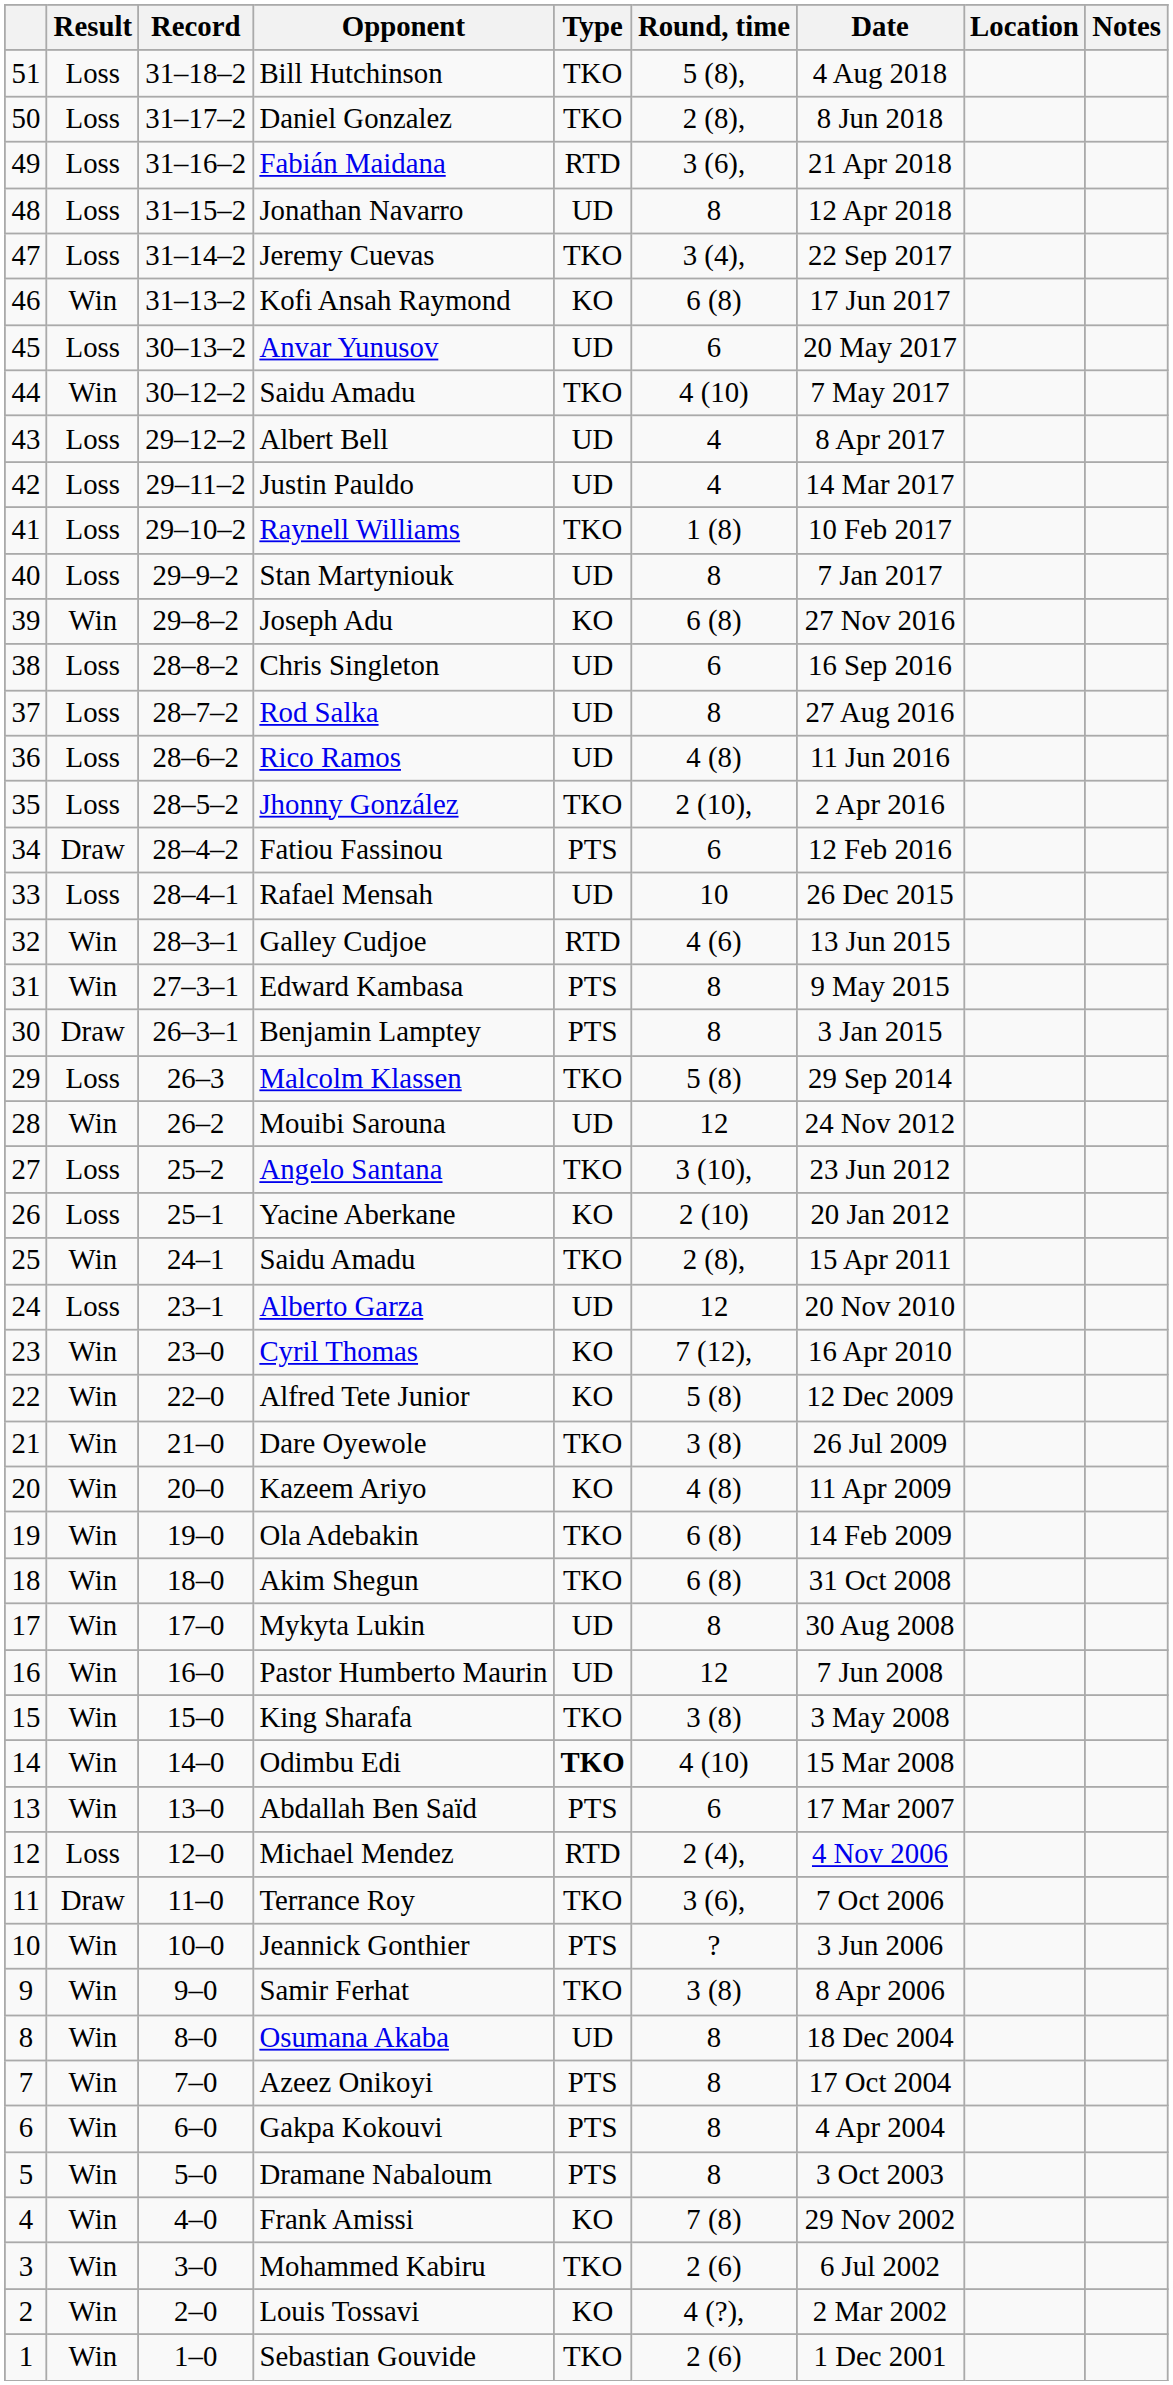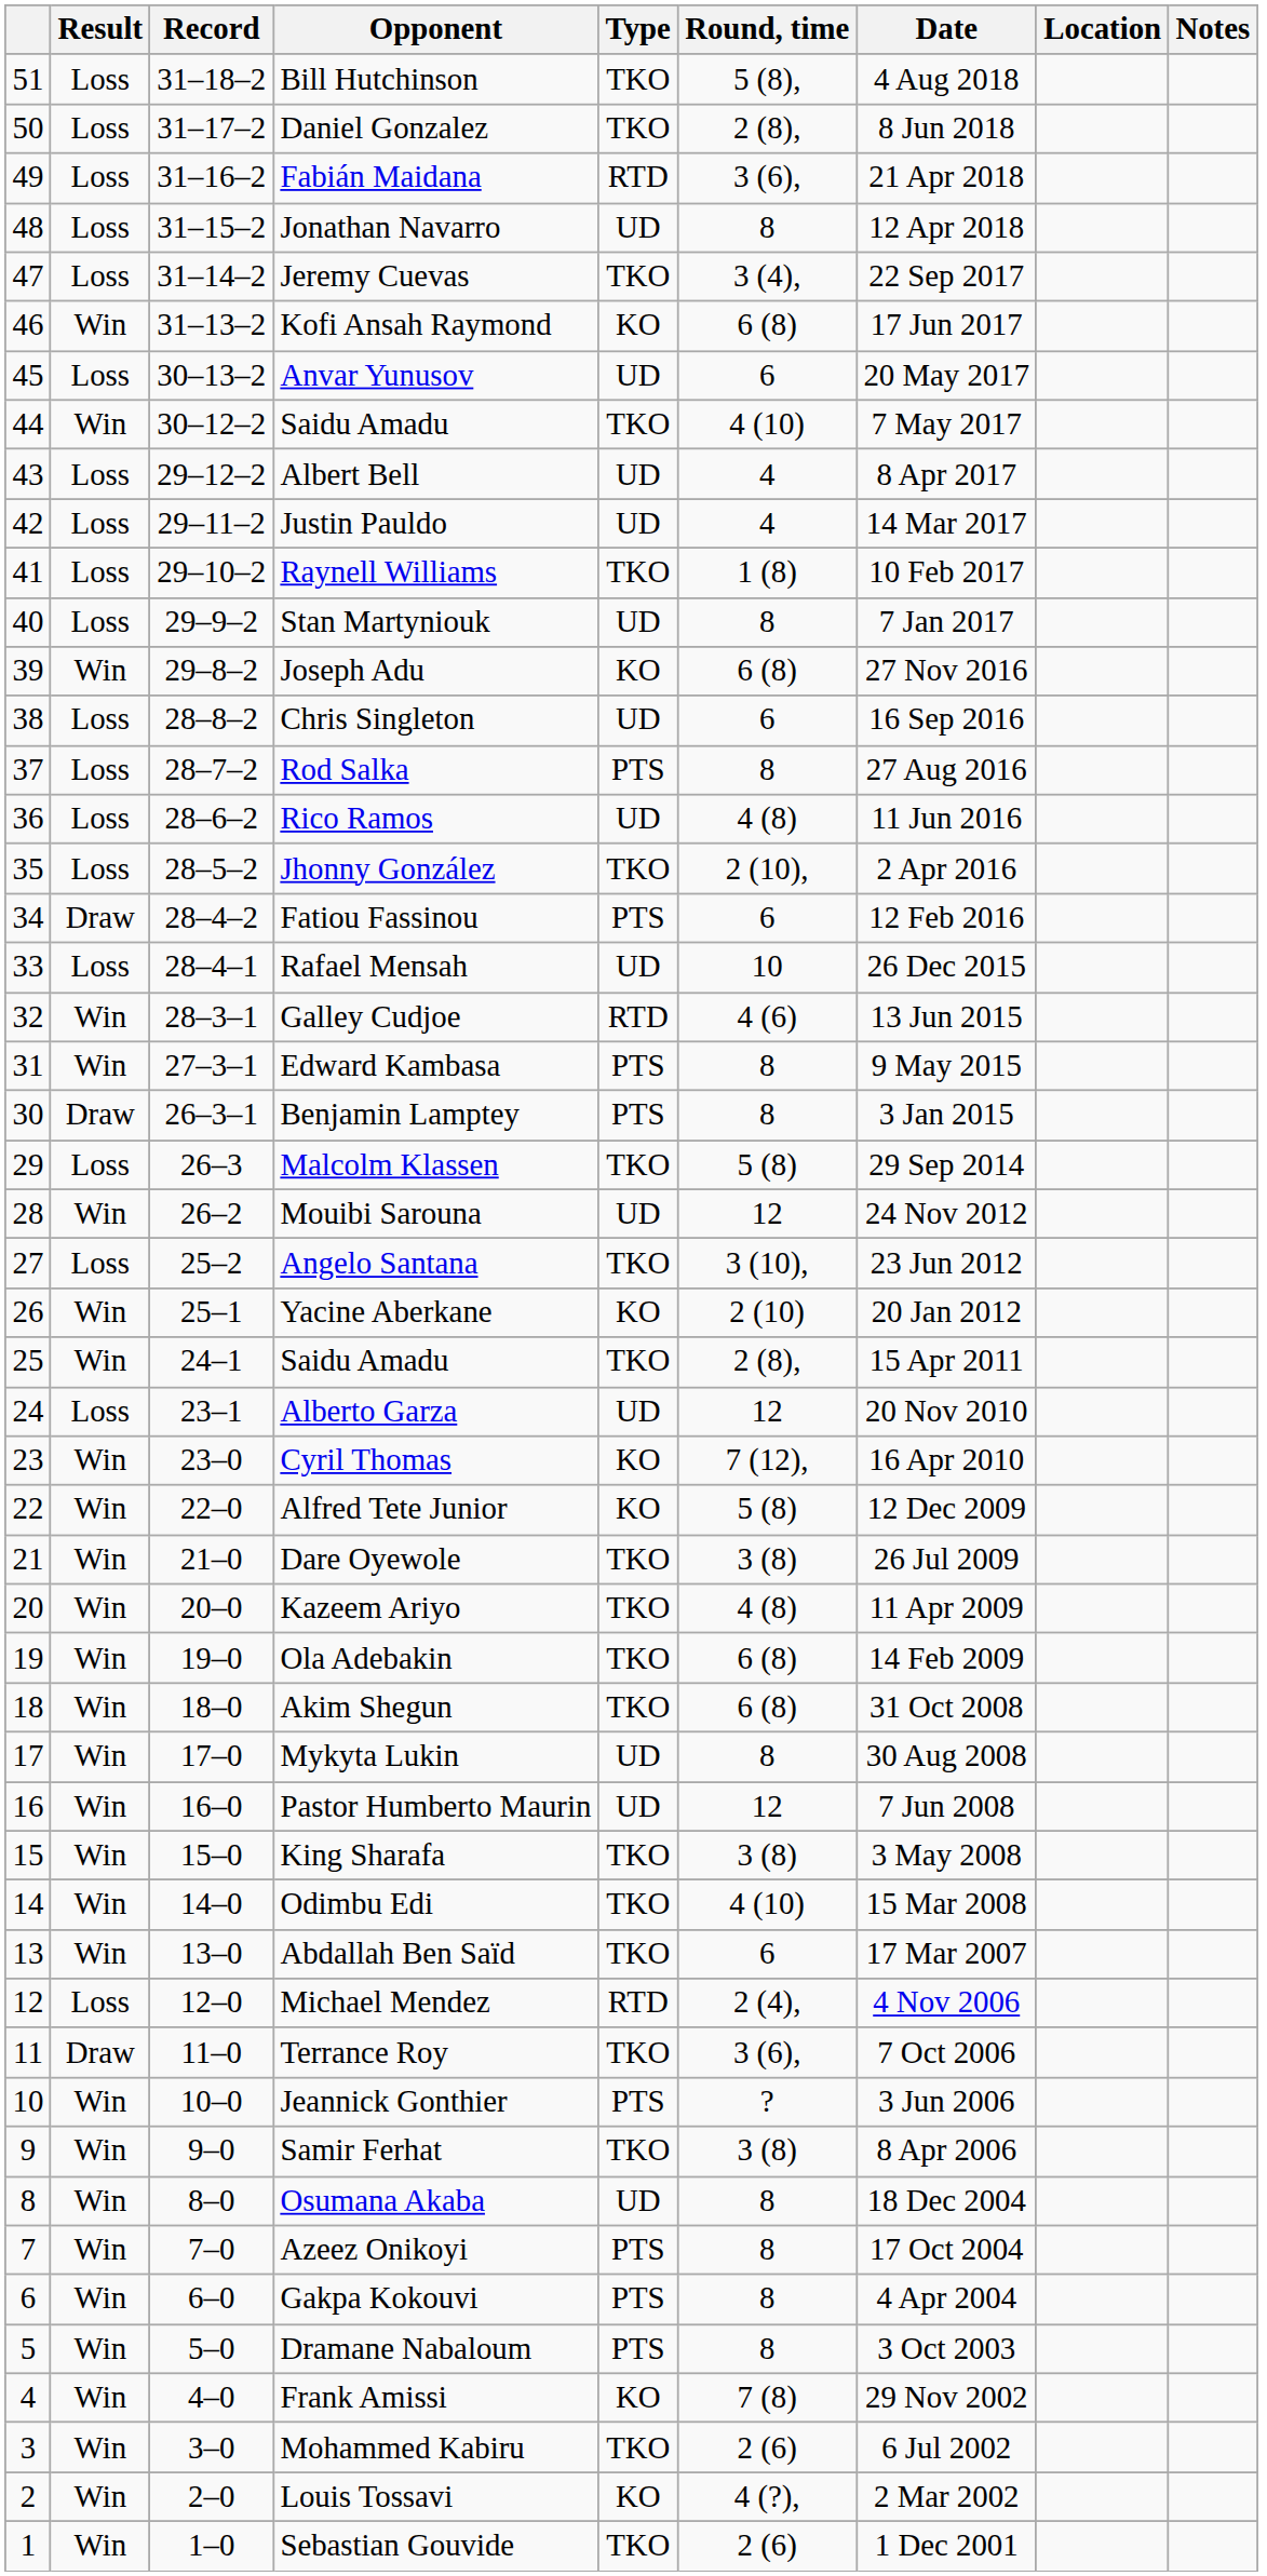 <table class="wikitable" style="text-align:center">
 <tr>
 <th></th>
 <th>Result</th>
 <th>Record</th>
 <th>Opponent</th>
 <th>Type</th>
 <th>Round, time</th>
 <th>Date</th>
 <th>Location</th>
 <th>Notes</th>
 </tr>
 <tr>
 <td>51</td>
 <td>Loss</td>
 <td>31–18–2</td>
 <td align=left> Bill Hutchinson</td>
 <td>TKO</td>
 <td>5 (8), </td>
 <td>4 Aug 2018</td>
 <td align=left></td>
 <td></td>
 </tr>
 <tr>
 <td>50</td>
 <td>Loss</td>
 <td>31–17–2</td>
 <td align=left> Daniel Gonzalez</td>
 <td>TKO</td>
 <td>2 (8), </td>
 <td>8 Jun 2018</td>
 <td align=left></td>
 <td></td>
 </tr>
 <tr>
 <td>49</td>
 <td>Loss</td>
 <td>31–16–2</td>
 <td align=left> <a href='#'>Fabián Maidana</a></td>
 <td>RTD</td>
 <td>3 (6), </td>
 <td>21 Apr 2018</td>
 <td align=left></td>
 <td></td>
 </tr>
 <tr>
 <td>48</td>
 <td>Loss</td>
 <td>31–15–2</td>
 <td align=left> Jonathan Navarro</td>
 <td>UD</td>
 <td>8</td>
 <td>12 Apr 2018</td>
 <td align=left></td>
 <td></td>
 </tr>
 <tr>
 <td>47</td>
 <td>Loss</td>
 <td>31–14–2</td>
 <td align=left> Jeremy Cuevas</td>
 <td>TKO</td>
 <td>3 (4), </td>
 <td>22 Sep 2017</td>
 <td align=left></td>
 <td></td>
 </tr>
 <tr>
 <td>46</td>
 <td>Win</td>
 <td>31–13–2</td>
 <td align=left> Kofi Ansah Raymond</td>
 <td>KO</td>
 <td>6 (8)</td>
 <td>17 Jun 2017</td>
 <td align=left></td>
 <td></td>
 </tr>
 <tr>
 <td>45</td>
 <td>Loss</td>
 <td>30–13–2</td>
 <td align=left> <a href='#'>Anvar Yunusov</a></td>
 <td>UD</td>
 <td>6</td>
 <td>20 May 2017</td>
 <td align=left></td>
 <td></td>
 </tr>
 <tr>
 <td>44</td>
 <td>Win</td>
 <td>30–12–2</td>
 <td align=left> Saidu Amadu</td>
 <td>TKO</td>
 <td>4 (10)</td>
 <td>7 May 2017</td>
 <td align=left></td>
 <td></td>
 </tr>
 <tr>
 <td>43</td>
 <td>Loss</td>
 <td>29–12–2</td>
 <td align=left> Albert Bell</td>
 <td>UD</td>
 <td>4</td>
 <td>8 Apr 2017</td>
 <td align=left></td>
 <td></td>
 </tr>
 <tr>
 <td>42</td>
 <td>Loss</td>
 <td>29–11–2</td>
 <td align=left> Justin Pauldo</td>
 <td>UD</td>
 <td>4</td>
 <td>14 Mar 2017</td>
 <td align=left></td>
 <td></td>
 </tr>
 <tr>
 <td>41</td>
 <td>Loss</td>
 <td>29–10–2</td>
 <td align=left> <a href='#'>Raynell Williams</a></td>
 <td>TKO</td>
 <td>1 (8)</td>
 <td>10 Feb 2017</td>
 <td align=left></td>
 <td></td>
 </tr>
 <tr>
 <td>40</td>
 <td>Loss</td>
 <td>29–9–2</td>
 <td align=left> Stan Martyniouk</td>
 <td>UD</td>
 <td>8</td>
 <td>7 Jan 2017</td>
 <td align=left></td>
 <td></td>
 </tr>
 <tr>
 <td>39</td>
 <td>Win</td>
 <td>29–8–2</td>
 <td align=left> Joseph Adu</td>
 <td>KO</td>
 <td>6 (8)</td>
 <td>27 Nov 2016</td>
 <td align=left></td>
 <td></td>
 </tr>
 <tr>
 <td>38</td>
 <td>Loss</td>
 <td>28–8–2</td>
 <td align=left> Chris Singleton</td>
 <td>UD</td>
 <td>6</td>
 <td>16 Sep 2016</td>
 <td align=left></td>
 <td></td>
 </tr>
 <tr>
 <td>37</td>
 <td>Loss</td>
 <td>28–7–2</td>
 <td align=left> <a href='#'>Rod Salka</a></td>
-<td>UD</td>
+<td>PTS</td>
 <td>8</td>
 <td>27 Aug 2016</td>
 <td align=left></td>
 <td></td>
 </tr>
 <tr>
 <td>36</td>
 <td>Loss</td>
 <td>28–6–2</td>
 <td align=left> <a href='#'>Rico Ramos</a></td>
 <td>UD</td>
 <td>4 (8)</td>
 <td>11 Jun 2016</td>
 <td align=left></td>
 <td></td>
 </tr>
 <tr>
 <td>35</td>
 <td>Loss</td>
 <td>28–5–2</td>
 <td align=left> <a href='#'>Jhonny González</a></td>
 <td>TKO</td>
 <td>2 (10), </td>
 <td>2 Apr 2016</td>
 <td align=left></td>
 <td align=left></td>
 </tr>
 <tr>
 <td>34</td>
 <td>Draw</td>
 <td>28–4–2</td>
 <td align=left> Fatiou Fassinou</td>
 <td>PTS</td>
 <td>6</td>
 <td>12 Feb 2016</td>
 <td align=left></td>
 <td></td>
 </tr>
 <tr>
 <td>33</td>
 <td>Loss</td>
 <td>28–4–1</td>
 <td align=left> Rafael Mensah</td>
 <td>UD</td>
 <td>10</td>
 <td>26 Dec 2015</td>
 <td align=left></td>
 <td></td>
 </tr>
 <tr>
 <td>32</td>
 <td>Win</td>
 <td>28–3–1</td>
 <td align=left> Galley Cudjoe</td>
 <td>RTD</td>
 <td>4 (6)</td>
 <td>13 Jun 2015</td>
 <td align=left></td>
 <td></td>
 </tr>
 <tr>
 <td>31</td>
 <td>Win</td>
 <td>27–3–1</td>
 <td align=left> Edward Kambasa</td>
 <td>PTS</td>
 <td>8</td>
 <td>9 May 2015</td>
 <td align=left></td>
 <td></td>
 </tr>
 <tr>
 <td>30</td>
 <td>Draw</td>
 <td>26–3–1</td>
 <td align=left> Benjamin Lamptey</td>
 <td>PTS</td>
 <td>8</td>
 <td>3 Jan 2015</td>
 <td align=left></td>
 <td></td>
 </tr>
 <tr>
 <td>29</td>
 <td>Loss</td>
 <td>26–3</td>
 <td align=left> <a href='#'>Malcolm Klassen</a></td>
 <td>TKO</td>
 <td>5 (8)</td>
 <td>29 Sep 2014</td>
 <td align=left></td>
 <td></td>
 </tr>
 <tr>
 <td>28</td>
 <td>Win</td>
 <td>26–2</td>
 <td align=left> Mouibi Sarouna</td>
 <td>UD</td>
 <td>12</td>
 <td>24 Nov 2012</td>
 <td align=left></td>
 <td align=left></td>
 </tr>
 <tr>
 <td>27</td>
 <td>Loss</td>
 <td>25–2</td>
 <td align=left> <a href='#'>Angelo Santana</a></td>
 <td>TKO</td>
 <td>3 (10), </td>
 <td>23 Jun 2012</td>
 <td align=left></td>
 <td></td>
 </tr>
 <tr>
 <td>26</td>
-<td>Loss</td>
+<td>Win</td>
 <td>25–1</td>
 <td align=left> Yacine Aberkane</td>
 <td>KO</td>
 <td>2 (10)</td>
 <td>20 Jan 2012</td>
 <td align=left></td>
 <td align=left></td>
 </tr>
 <tr>
 <td>25</td>
 <td>Win</td>
 <td>24–1</td>
 <td align=left> Saidu Amadu</td>
 <td>TKO</td>
 <td>2 (8), </td>
 <td>15 Apr 2011</td>
 <td align=left></td>
 <td></td>
 </tr>
 <tr>
 <td>24</td>
 <td>Loss</td>
 <td>23–1</td>
 <td align=left> <a href='#'>Alberto Garza</a></td>
 <td>UD</td>
 <td>12</td>
 <td>20 Nov 2010</td>
 <td align=left></td>
 <td align=left></td>
 </tr>
 <tr>
 <td>23</td>
 <td>Win</td>
 <td>23–0</td>
 <td align=left> <a href='#'>Cyril Thomas</a></td>
 <td>KO</td>
 <td>7 (12), </td>
 <td>16 Apr 2010</td>
 <td align=left></td>
 <td align=left></td>
 </tr>
 <tr>
 <td>22</td>
 <td>Win</td>
 <td>22–0</td>
 <td align=left> Alfred Tete Junior</td>
 <td>KO</td>
 <td>5 (8)</td>
 <td>12 Dec 2009</td>
 <td align=left></td>
 <td></td>
 </tr>
 <tr>
 <td>21</td>
 <td>Win</td>
 <td>21–0</td>
 <td align=left> Dare Oyewole</td>
 <td>TKO</td>
 <td>3 (8)</td>
 <td>26 Jul 2009</td>
 <td align=left></td>
 <td></td>
 </tr>
 <tr>
 <td>20</td>
 <td>Win</td>
 <td>20–0</td>
 <td align=left> Kazeem Ariyo</td>
-<td>KO</td>
+<td>TKO</td>
 <td>4 (8)</td>
 <td>11 Apr 2009</td>
 <td align=left></td>
 <td></td>
 </tr>
 <tr>
 <td>19</td>
 <td>Win</td>
 <td>19–0</td>
 <td align=left> Ola Adebakin</td>
 <td>TKO</td>
 <td>6 (8)</td>
 <td>14 Feb 2009</td>
 <td align=left></td>
 <td></td>
 </tr>
 <tr>
 <td>18</td>
 <td>Win</td>
 <td>18–0</td>
 <td align=left> Akim Shegun</td>
 <td>TKO</td>
 <td>6 (8)</td>
 <td>31 Oct 2008</td>
 <td align=left></td>
 <td></td>
 </tr>
 <tr>
 <td>17</td>
 <td>Win</td>
 <td>17–0</td>
 <td align=left> Mykyta Lukin</td>
 <td>UD</td>
 <td>8</td>
 <td>30 Aug 2008</td>
 <td align=left></td>
 <td></td>
 </tr>
 <tr>
 <td>16</td>
 <td>Win</td>
 <td>16–0</td>
 <td align=left> Pastor Humberto Maurin</td>
 <td>UD</td>
 <td>12</td>
 <td>7 Jun 2008</td>
 <td align=left></td>
 <td align=left></td>
 </tr>
 <tr>
 <td>15</td>
 <td>Win</td>
 <td>15–0</td>
 <td align=left> King Sharafa</td>
 <td>TKO</td>
 <td>3 (8)</td>
 <td>3 May 2008</td>
 <td align=left></td>
 <td></td>
 </tr>
 <tr>
 <td>14</td>
 <td>Win</td>
 <td>14–0</td>
 <td align=left> Odimbu Edi</td>
-<td><strong>TKO</strong></td>
+<td>TKO</td>
 <td>4 (10)</td>
 <td>15 Mar 2008</td>
 <td align=left></td>
 <td></td>
 </tr>
 <tr>
 <td>13</td>
 <td>Win</td>
 <td>13–0</td>
 <td align=left> Abdallah Ben Saïd</td>
-<td>PTS</td>
+<td>TKO</td>
 <td>6</td>
 <td>17 Mar 2007</td>
 <td align=left></td>
 <td></td>
 </tr>
 <tr>
 <td>12</td>
 <td>Loss</td>
 <td>12–0</td>
 <td align=left> Michael Mendez</td>
 <td>RTD</td>
 <td>2 (4), </td>
 <td><a href='#'>4 Nov 2006</a></td>
 <td align=left></td>
 <td></td>
 </tr>
 <tr>
 <td>11</td>
 <td>Draw</td>
 <td>11–0</td>
 <td align=left> Terrance Roy</td>
 <td>TKO</td>
 <td>3 (6), </td>
 <td>7 Oct 2006</td>
 <td align=left></td>
 <td></td>
 </tr>
 <tr>
 <td>10</td>
 <td>Win</td>
 <td>10–0</td>
 <td align=left> Jeannick Gonthier</td>
 <td>PTS</td>
 <td>?</td>
 <td>3 Jun 2006</td>
 <td align=left></td>
 <td></td>
 </tr>
 <tr>
 <td>9</td>
 <td>Win</td>
 <td>9–0</td>
 <td align=left> Samir Ferhat</td>
 <td>TKO</td>
 <td>3 (8)</td>
 <td>8 Apr 2006</td>
 <td align=left></td>
 <td></td>
 </tr>
 <tr>
 <td>8</td>
 <td>Win</td>
 <td>8–0</td>
 <td align=left> <a href='#'>Osumana Akaba</a></td>
 <td>UD</td>
 <td>8</td>
 <td>18 Dec 2004</td>
 <td align=left></td>
 <td></td>
 </tr>
 <tr>
 <td>7</td>
 <td>Win</td>
 <td>7–0</td>
 <td align=left> Azeez Onikoyi</td>
 <td>PTS</td>
 <td>8</td>
 <td>17 Oct 2004</td>
 <td align=left></td>
 <td></td>
 </tr>
 <tr>
 <td>6</td>
 <td>Win</td>
 <td>6–0</td>
 <td align=left> Gakpa Kokouvi</td>
 <td>PTS</td>
 <td>8</td>
 <td>4 Apr 2004</td>
 <td align=left></td>
 <td></td>
 </tr>
 <tr>
 <td>5</td>
 <td>Win</td>
 <td>5–0</td>
 <td align=left> Dramane Nabaloum</td>
 <td>PTS</td>
 <td>8</td>
 <td>3 Oct 2003</td>
 <td align=left></td>
 <td></td>
 </tr>
 <tr>
 <td>4</td>
 <td>Win</td>
 <td>4–0</td>
 <td align=left> Frank Amissi</td>
 <td>KO</td>
 <td>7 (8)</td>
 <td>29 Nov 2002</td>
 <td align=left></td>
 <td></td>
 </tr>
 <tr>
 <td>3</td>
 <td>Win</td>
 <td>3–0</td>
 <td align=left> Mohammed Kabiru</td>
 <td>TKO</td>
 <td>2 (6)</td>
 <td>6 Jul 2002</td>
 <td align=left></td>
 <td></td>
 </tr>
 <tr>
 <td>2</td>
 <td>Win</td>
 <td>2–0</td>
 <td align=left> Louis Tossavi</td>
 <td>KO</td>
 <td>4 (?), </td>
 <td>2 Mar 2002</td>
 <td align=left></td>
 <td></td>
 </tr>
 <tr>
 <td>1</td>
 <td>Win</td>
 <td>1–0</td>
 <td align=left> Sebastian Gouvide</td>
 <td>TKO</td>
 <td>2 (6)</td>
 <td>1 Dec 2001</td>
 <td align=left></td>
 <td></td>
 </tr>
 </table>
